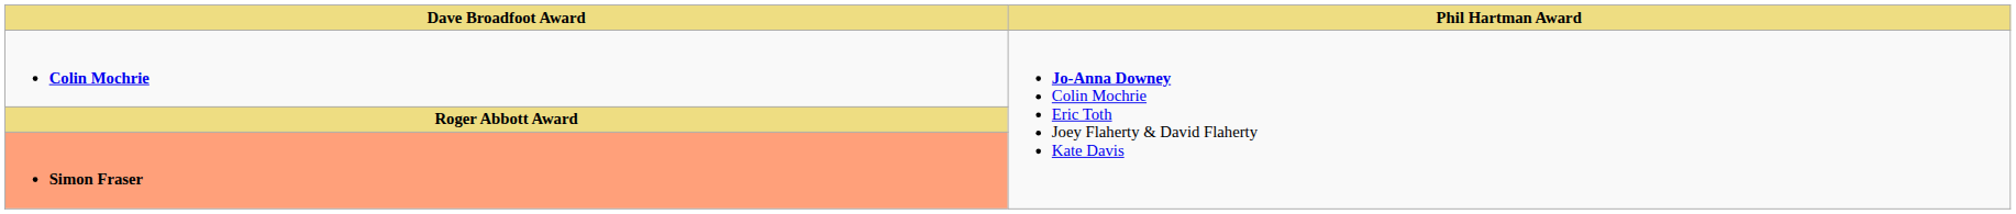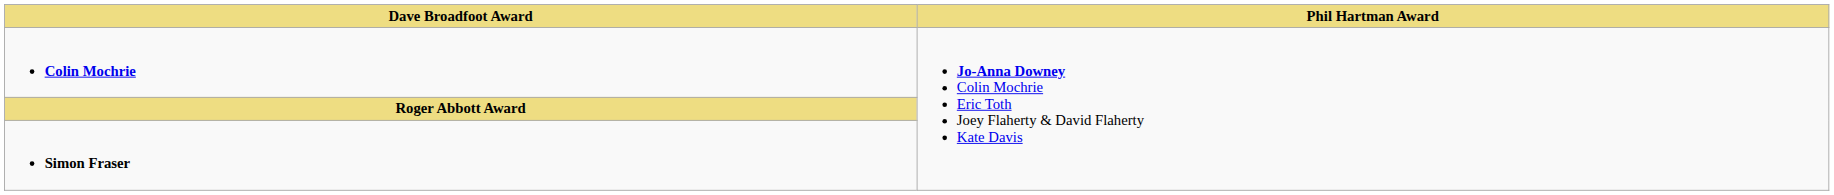 <table class="wikitable" style="width:100%">
 <tr>
 <th style="background:#EEDD82; width:50%">Dave Broadfoot Award</th>
 <th style="background:#EEDD82; width:50%">Phil Hartman Award</th>
 </tr>
 <tr>
 <td valign="top"><br><ul><li> <strong><a href='#'>Colin Mochrie</a></strong></li></ul></td>
 <td rowspan="3" valign="top"><br><ul><li> <strong><a href='#'>Jo-Anna Downey</a></strong></li><li><a href='#'>Colin Mochrie</a></li><li><a href='#'>Eric Toth</a></li><li>Joey Flaherty & David Flaherty</li><li><a href='#'>Kate Davis</a></li></ul></td>
 </tr>
 <tr>
 <th style="background:#EEDD82">Roger Abbott Award</th>
 </tr>
 <tr>
-<td valign="top" style="background: lightsalmon;"><br><ul><li> <strong>Simon Fraser</strong></li></ul></td>
+<td valign="top"><br><ul><li> <strong>Simon Fraser</strong></li></ul></td>
 </tr>
 </table>
